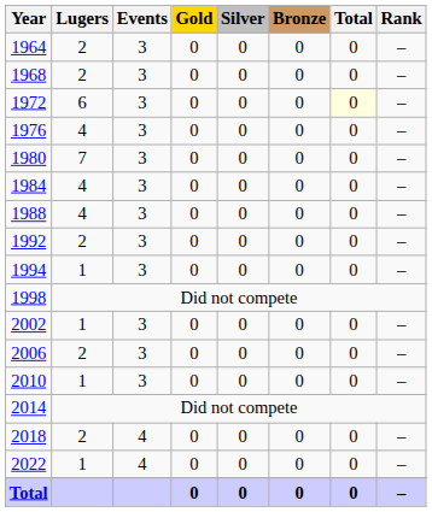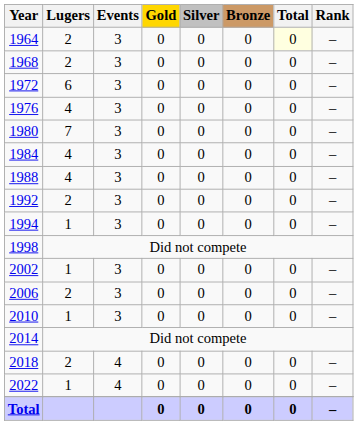 <table class="wikitable sortable collapsible collapsed">
 <tr>
 <th>Year</th>
 <th>Lugers</th>
 <th>Events</th>
 <th style="text-align:center; background-color:gold;"><strong>Gold</strong></th>
 <th style="text-align:center; background-color:silver;"><strong>Silver</strong></th>
 <th style="text-align:center; background-color:#c96;"><strong>Bronze</strong></th>
 <th>Total</th>
 <th>Rank</th>
 </tr>
 <tr style="text-align:center">
 <td><a href='#'>1964</a></td>
 <td>2</td>
 <td>3</td>
 <td>0</td>
 <td>0</td>
 <td>0</td>
-<td>0</td>
+<td style="background: lightyellow;">0</td>
 <td>–</td>
 </tr>
 <tr style="text-align:center">
 <td><a href='#'>1968</a></td>
 <td>2</td>
 <td>3</td>
 <td>0</td>
 <td>0</td>
 <td>0</td>
 <td>0</td>
 <td>–</td>
 </tr>
 <tr style="text-align:center">
 <td><a href='#'>1972</a></td>
 <td>6</td>
 <td>3</td>
 <td>0</td>
 <td>0</td>
 <td>0</td>
-<td style="background: lightyellow;">0</td>
+<td>0</td>
 <td>–</td>
 </tr>
 <tr style="text-align:center">
 <td><a href='#'>1976</a></td>
 <td>4</td>
 <td>3</td>
 <td>0</td>
 <td>0</td>
 <td>0</td>
 <td>0</td>
 <td>–</td>
 </tr>
 <tr style="text-align:center">
 <td><a href='#'>1980</a></td>
 <td>7</td>
 <td>3</td>
 <td>0</td>
 <td>0</td>
 <td>0</td>
 <td>0</td>
 <td>–</td>
 </tr>
 <tr style="text-align:center">
 <td><a href='#'>1984</a></td>
 <td>4</td>
 <td>3</td>
 <td>0</td>
 <td>0</td>
 <td>0</td>
 <td>0</td>
 <td>–</td>
 </tr>
 <tr style="text-align:center">
 <td><a href='#'>1988</a></td>
 <td>4</td>
 <td>3</td>
 <td>0</td>
 <td>0</td>
 <td>0</td>
 <td>0</td>
 <td>–</td>
 </tr>
 <tr style="text-align:center">
 <td><a href='#'>1992</a></td>
 <td>2</td>
 <td>3</td>
 <td>0</td>
 <td>0</td>
 <td>0</td>
 <td>0</td>
 <td>–</td>
 </tr>
 <tr style="text-align:center">
 <td><a href='#'>1994</a></td>
 <td>1</td>
 <td>3</td>
 <td>0</td>
 <td>0</td>
 <td>0</td>
 <td>0</td>
 <td>–</td>
 </tr>
 <tr style="text-align:center">
 <td><a href='#'>1998</a></td>
 <td colspan="7">Did not compete</td>
 </tr>
 <tr style="text-align:center">
 <td><a href='#'>2002</a></td>
 <td>1</td>
 <td>3</td>
 <td>0</td>
 <td>0</td>
 <td>0</td>
 <td>0</td>
 <td>–</td>
 </tr>
 <tr style="text-align:center">
 <td><a href='#'>2006</a></td>
 <td>2</td>
 <td>3</td>
 <td>0</td>
 <td>0</td>
 <td>0</td>
 <td>0</td>
 <td>–</td>
 </tr>
 <tr style="text-align:center">
 <td><a href='#'>2010</a></td>
 <td>1</td>
 <td>3</td>
 <td>0</td>
 <td>0</td>
 <td>0</td>
 <td>0</td>
 <td>–</td>
 </tr>
 <tr style="text-align:center">
 <td><a href='#'>2014</a></td>
 <td colspan="7">Did not compete</td>
 </tr>
 <tr style="text-align:center">
 <td><a href='#'>2018</a></td>
 <td>2</td>
 <td>4</td>
 <td>0</td>
 <td>0</td>
 <td>0</td>
 <td>0</td>
 <td>–</td>
 </tr>
 <tr style="text-align:center">
 <td><a href='#'>2022</a></td>
 <td>1</td>
 <td>4</td>
 <td>0</td>
 <td>0</td>
 <td>0</td>
 <td>0</td>
 <td>–</td>
 </tr>
 <tr style="text-align:center">
 </tr>
 <tr style="text-align:center; background-color:#ccf;">
 <td><strong><a href='#'>Total</a></strong></td>
 <td></td>
 <td></td>
 <td><strong>0</strong></td>
 <td><strong>0</strong></td>
 <td><strong>0</strong></td>
 <td><strong>0</strong></td>
 <td><strong>–</strong></td>
 </tr>
 </table>
